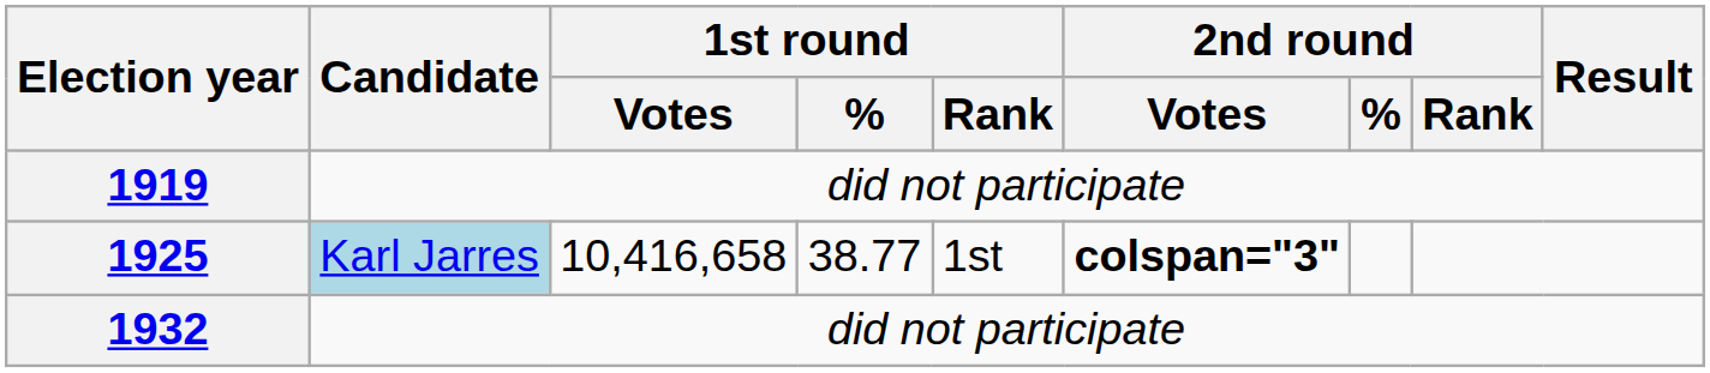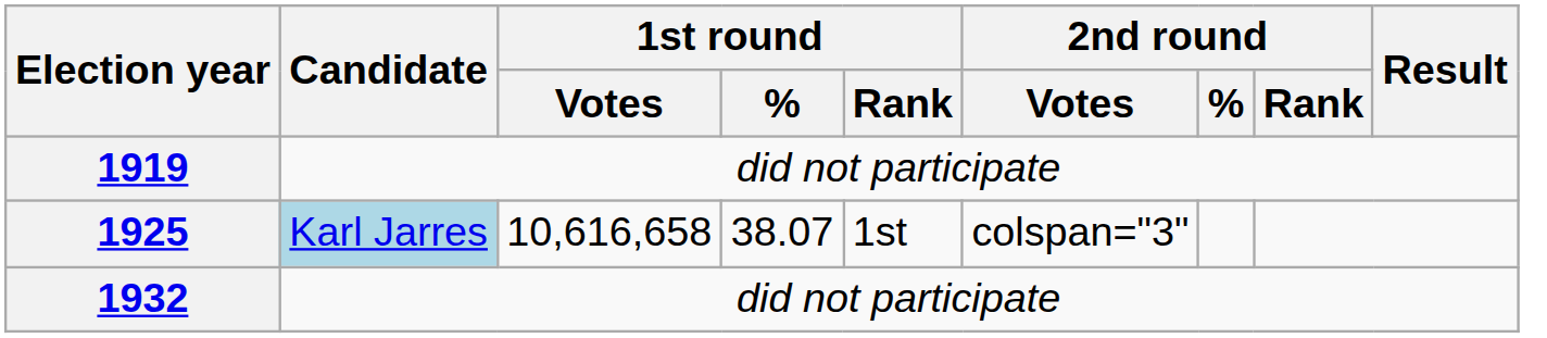 <table class=wikitable>
 <tr>
 <th rowspan=2>Election year</th>
 <th rowspan=2>Candidate</th>
 <th colspan="3">1st round</th>
 <th colspan="3">2nd round</th>
 <th rowspan="2">Result</th>
 </tr>
 <tr>
 <th>Votes</th>
 <th>%</th>
 <th>Rank</th>
 <th>Votes</th>
 <th>%</th>
 <th>Rank</th>
 </tr>
 <tr>
 <th><a href='#'>1919</a></th>
 <td colspan=8 align=center><em>did not participate</em></td>
 </tr>
 <tr>
 <th><a href='#'>1925</a></th>
 <td style="background: lightblue;"><a href='#'>Karl Jarres</a></td>
-<td>10,416,658</td>
-<td>38.77</td>
+<td>10,616,658</td>
+<td>38.07</td>
 <td>1st</td>
-<td><strong>colspan="3" </strong></td>
+<td>colspan="3" </td>
 <td></td>
 </tr>
 <tr>
 <th><a href='#'>1932</a></th>
 <td colspan=8 align=center><em>did not participate</em></td>
 </tr>
 </table>
